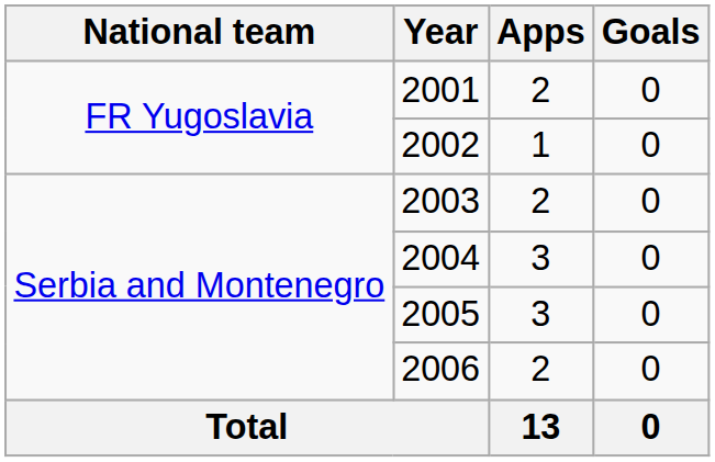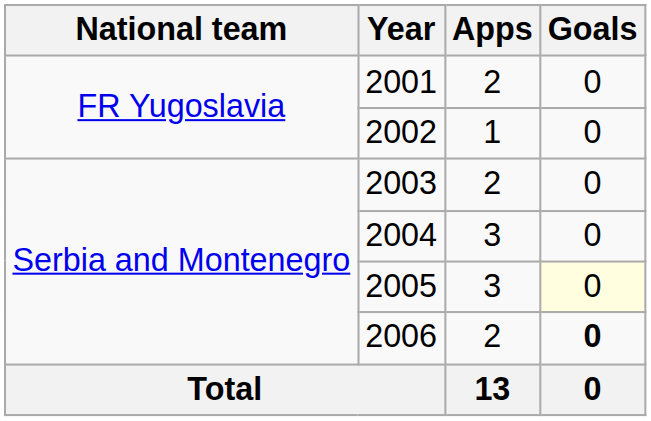 <table class="wikitable" style="text-align:center">
 <tr>
 <th>National team</th>
 <th>Year</th>
 <th>Apps</th>
 <th>Goals</th>
 </tr>
 <tr>
 <td rowspan="2"><a href='#'>FR Yugoslavia</a></td>
 <td>2001</td>
 <td>2</td>
 <td>0</td>
 </tr>
 <tr>
 <td>2002</td>
 <td>1</td>
 <td>0</td>
 </tr>
 <tr>
 <td rowspan="4"><a href='#'>Serbia and Montenegro</a></td>
 <td>2003</td>
 <td>2</td>
 <td>0</td>
 </tr>
 <tr>
 <td>2004</td>
 <td>3</td>
 <td>0</td>
 </tr>
 <tr>
 <td>2005</td>
 <td>3</td>
-<td>0</td>
+<td style="background: lightyellow;">0</td>
 </tr>
 <tr>
 <td>2006</td>
 <td>2</td>
-<td>0</td>
+<td><strong>0</strong></td>
 </tr>
 <tr>
 <th colspan="2">Total</th>
 <th>13</th>
 <th>0</th>
 </tr>
 </table>
